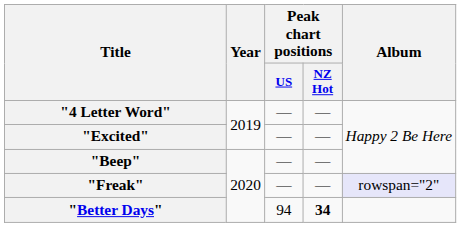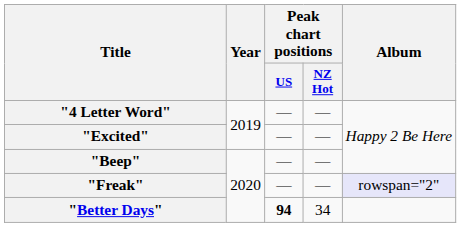 <table class="wikitable plainrowheaders" style="text-align:center;" border="1">
 <tr>
 <th scope="col" style="width:14em;" rowspan="2">Title</th>
 <th scope="col" rowspan="2">Year</th>
 <th scope="col" colspan="2">Peak chart positions</th>
 <th scope="col" rowspan="2">Album</th>
 </tr>
 <tr>
 <th scope="col" style="width:2.5em;font-size:85%;"><a href='#'>US</a><br></th>
 <th scope="col" style="width:2.5em;font-size:85%;"><a href='#'>NZ<br>Hot</a><br></th>
 </tr>
 <tr>
 <th scope="row">"4 Letter Word"<br></th>
 <td rowspan="2">2019</td>
 <td>—</td>
 <td>—</td>
 <td rowspan="3"><em>Happy 2 Be Here</em></td>
 </tr>
 <tr>
 <th scope="row">"Excited"<br></th>
 <td>—</td>
 <td>—</td>
 </tr>
 <tr>
 <th scope="row">"Beep"</th>
 <td rowspan="3">2020</td>
 <td>—</td>
 <td>—</td>
 </tr>
 <tr>
 <th scope="row">"Freak"</th>
 <td>—</td>
 <td>—</td>
 <td style="background: lavender;">rowspan="2" </td>
 </tr>
 <tr>
 <th scope="row">"<a href='#'>Better Days</a>"<br></th>
-<td>94</td>
-<td><strong>34</strong></td>
+<td><strong>94</strong></td>
+<td>34</td>
 </tr>
 </table>
